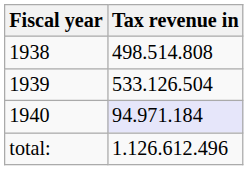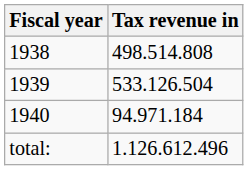 <table class="wikitable">
 <tr>
 <th>Fiscal year</th>
 <th>Tax revenue in </th>
 </tr>
 <tr>
 <td>1938</td>
 <td>498.514.808</td>
 </tr>
 <tr>
 <td>1939</td>
 <td>533.126.504</td>
 </tr>
 <tr>
 <td>1940</td>
-<td style="background: lavender;">94.971.184</td>
+<td>94.971.184</td>
 </tr>
 <tr>
 <td>total:</td>
 <td>1.126.612.496</td>
 </tr>
 </table>
